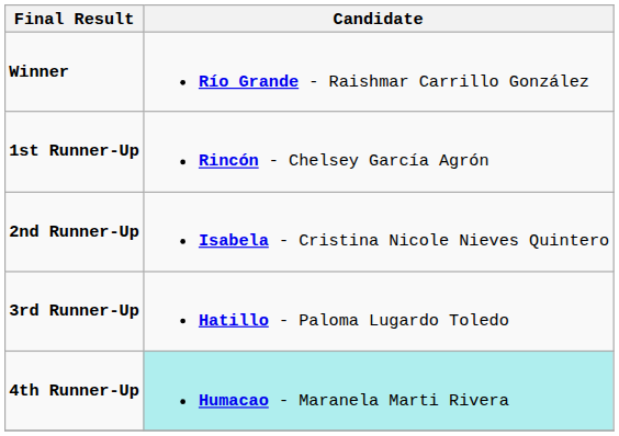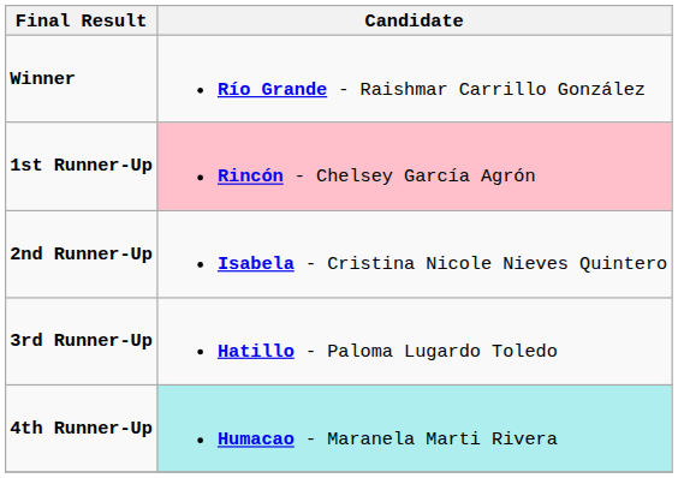 <table class="wikitable">
 <tr>
 <th>Final Result</th>
 <th>Candidate</th>
 </tr>
 <tr>
 <td><strong>Winner</strong></td>
 <td><br><ul><li><strong> <a href='#'>Río Grande</a></strong> - Raishmar Carrillo González</li></ul></td>
 </tr>
 <tr>
 <td><strong>1st Runner-Up</strong></td>
-<td><br><ul><li><strong> <a href='#'>Rincón</a></strong> - Chelsey García Agrón</li></ul></td>
+<td style="background: pink;"><br><ul><li><strong> <a href='#'>Rincón</a></strong> - Chelsey García Agrón</li></ul></td>
 </tr>
 <tr>
 <td><strong>2nd Runner-Up</strong></td>
 <td><br><ul><li><strong> <a href='#'>Isabela</a></strong> - Cristina Nicole Nieves Quintero</li></ul></td>
 </tr>
 <tr>
 <td><strong>3rd Runner-Up</strong></td>
 <td><br><ul><li><strong> <a href='#'>Hatillo</a></strong> - Paloma Lugardo Toledo</li></ul></td>
 </tr>
 <tr>
 <td><strong>4th Runner-Up</strong></td>
 <td style="background: paleturquoise;"><br><ul><li><strong> <a href='#'>Humacao</a></strong> - Maranela Marti Rivera</li></ul></td>
 </tr>
 <tr>
 </tr>
 </table>
